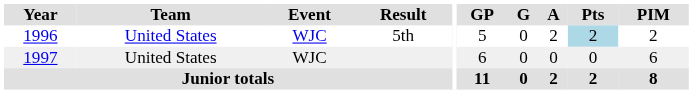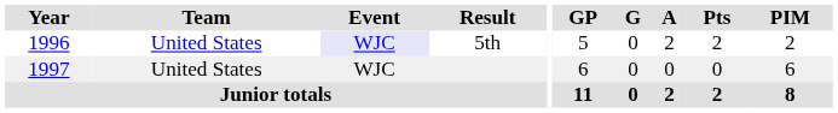 <table border="0" cellpadding="1" cellspacing="0" ID="Table3" style="text-align:center; width:40em">
 <tr ALIGN="center" bgcolor="#e0e0e0">
 <th>Year</th>
 <th>Team</th>
 <th>Event</th>
 <th>Result</th>
 <th rowspan="99" bgcolor="#ffffff"></th>
 <th>GP</th>
 <th>G</th>
 <th>A</th>
 <th>Pts</th>
 <th>PIM</th>
 </tr>
 <tr>
 <td><a href='#'>1996</a></td>
 <td><a href='#'>United States</a></td>
-<td><a href='#'>WJC</a></td>
+<td style="background: lavender;"><a href='#'>WJC</a></td>
 <td>5th</td>
 <td>5</td>
 <td>0</td>
 <td>2</td>
-<td style="background: lightblue;">2</td>
+<td>2</td>
 <td>2</td>
 </tr>
 <tr bgcolor="#f0f0f0">
 <td><a href='#'>1997</a></td>
 <td>United States</td>
 <td>WJC</td>
 <td></td>
 <td>6</td>
 <td>0</td>
 <td>0</td>
 <td>0</td>
 <td>6</td>
 </tr>
 <tr bgcolor="#e0e0e0">
 <th colspan="4">Junior totals</th>
 <th>11</th>
 <th>0</th>
 <th>2</th>
 <th>2</th>
 <th>8</th>
 </tr>
 </table>
